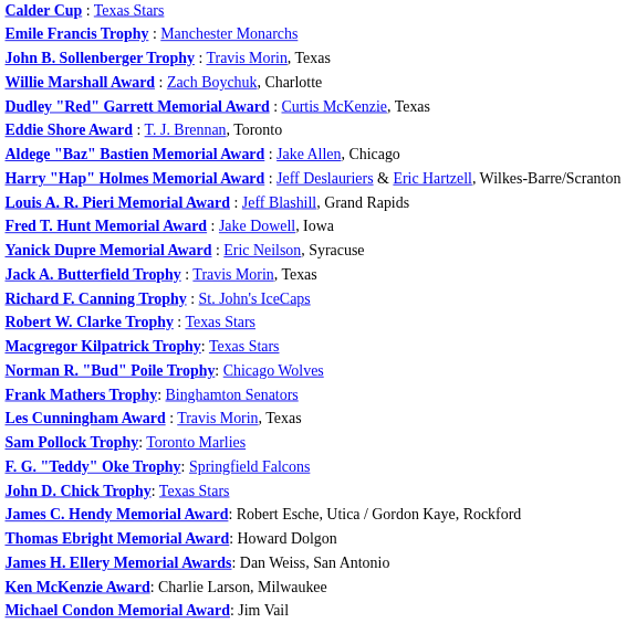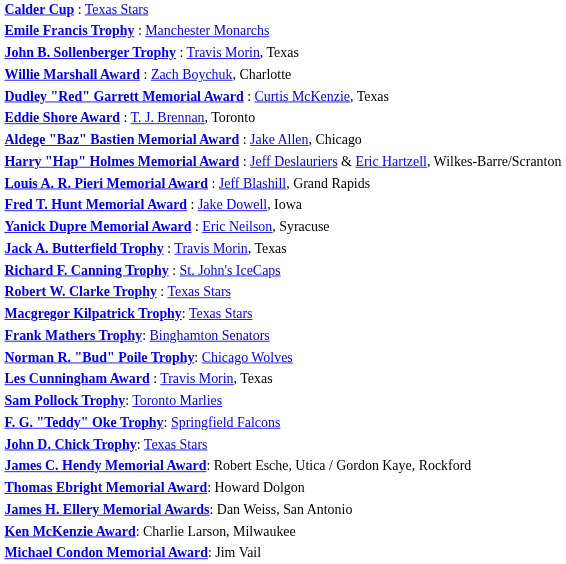 <table cellpadding="3" cellspacing="1">
 <tr>
 <td><strong><a href='#'>Calder Cup</a> </strong>: <a href='#'>Texas Stars</a></td>
 </tr>
 <tr>
 <td><strong><a href='#'>Emile Francis Trophy</a> </strong>: <a href='#'>Manchester Monarchs</a></td>
 </tr>
 <tr>
 <td><strong><a href='#'>John B. Sollenberger Trophy</a> </strong>: <a href='#'>Travis Morin</a>, Texas</td>
 </tr>
 <tr>
 <td><strong><a href='#'>Willie Marshall Award</a> </strong>: <a href='#'>Zach Boychuk</a>, Charlotte</td>
 </tr>
 <tr>
 <td><strong><a href='#'>Dudley "Red" Garrett Memorial Award</a> </strong>: <a href='#'>Curtis McKenzie</a>, Texas</td>
 </tr>
 <tr>
 <td><strong><a href='#'>Eddie Shore Award</a> </strong>: <a href='#'>T. J. Brennan</a>, Toronto</td>
 </tr>
 <tr>
 <td><strong><a href='#'>Aldege "Baz" Bastien Memorial Award</a> </strong>: <a href='#'>Jake Allen</a>, Chicago</td>
 </tr>
 <tr>
 <td><strong><a href='#'>Harry "Hap" Holmes Memorial Award</a> </strong>: <a href='#'>Jeff Deslauriers</a> & <a href='#'>Eric Hartzell</a>, Wilkes-Barre/Scranton</td>
 </tr>
 <tr>
 <td><strong><a href='#'>Louis A. R. Pieri Memorial Award</a> </strong>: <a href='#'>Jeff Blashill</a>, Grand Rapids</td>
 </tr>
 <tr>
 <td><strong><a href='#'>Fred T. Hunt Memorial Award</a> </strong>: <a href='#'>Jake Dowell</a>, Iowa</td>
 </tr>
 <tr>
 <td><strong><a href='#'>Yanick Dupre Memorial Award</a> </strong>: <a href='#'>Eric Neilson</a>, Syracuse</td>
 </tr>
 <tr>
 <td><strong><a href='#'>Jack A. Butterfield Trophy</a> </strong>: <a href='#'>Travis Morin</a>, Texas</td>
 </tr>
 <tr>
 <td><strong><a href='#'>Richard F. Canning Trophy</a> </strong>: <a href='#'>St. John's IceCaps</a></td>
 </tr>
 <tr>
 <td><strong><a href='#'>Robert W. Clarke Trophy</a> </strong>: <a href='#'>Texas Stars</a></td>
 </tr>
 <tr>
 <td><strong><a href='#'>Macgregor Kilpatrick Trophy</a></strong>: <a href='#'>Texas Stars</a></td>
 </tr>
 <tr>
-<td><strong><a href='#'>Norman R. "Bud" Poile Trophy</a></strong>: <a href='#'>Chicago Wolves</a></td>
+<td><strong><a href='#'>Frank Mathers Trophy</a></strong>: <a href='#'>Binghamton Senators</a></td>
 </tr>
 <tr>
-<td><strong><a href='#'>Frank Mathers Trophy</a></strong>: <a href='#'>Binghamton Senators</a></td>
+<td><strong><a href='#'>Norman R. "Bud" Poile Trophy</a></strong>: <a href='#'>Chicago Wolves</a></td>
 </tr>
 <tr>
 <td><strong><a href='#'>Les Cunningham Award</a> </strong>: <a href='#'>Travis Morin</a>, Texas</td>
 </tr>
 <tr>
 <td><strong><a href='#'>Sam Pollock Trophy</a></strong>: <a href='#'>Toronto Marlies</a></td>
 </tr>
 <tr>
 <td><strong><a href='#'>F. G. "Teddy" Oke Trophy</a></strong>: <a href='#'>Springfield Falcons</a></td>
 </tr>
 <tr>
 <td><strong><a href='#'>John D. Chick Trophy</a></strong>: <a href='#'>Texas Stars</a></td>
 </tr>
 <tr>
 <td><strong><a href='#'>James C. Hendy Memorial Award</a></strong>: Robert Esche, Utica / Gordon Kaye, Rockford</td>
 </tr>
 <tr>
 <td><strong><a href='#'>Thomas Ebright Memorial Award</a></strong>: Howard Dolgon</td>
 </tr>
 <tr>
 <td><strong><a href='#'>James H. Ellery Memorial Awards</a></strong>: Dan Weiss, San Antonio</td>
 </tr>
 <tr>
 <td><strong><a href='#'>Ken McKenzie Award</a></strong>: Charlie Larson, Milwaukee</td>
 </tr>
 <tr>
 <td><strong><a href='#'>Michael Condon Memorial Award</a></strong>: Jim Vail</td>
 </tr>
 </table>
